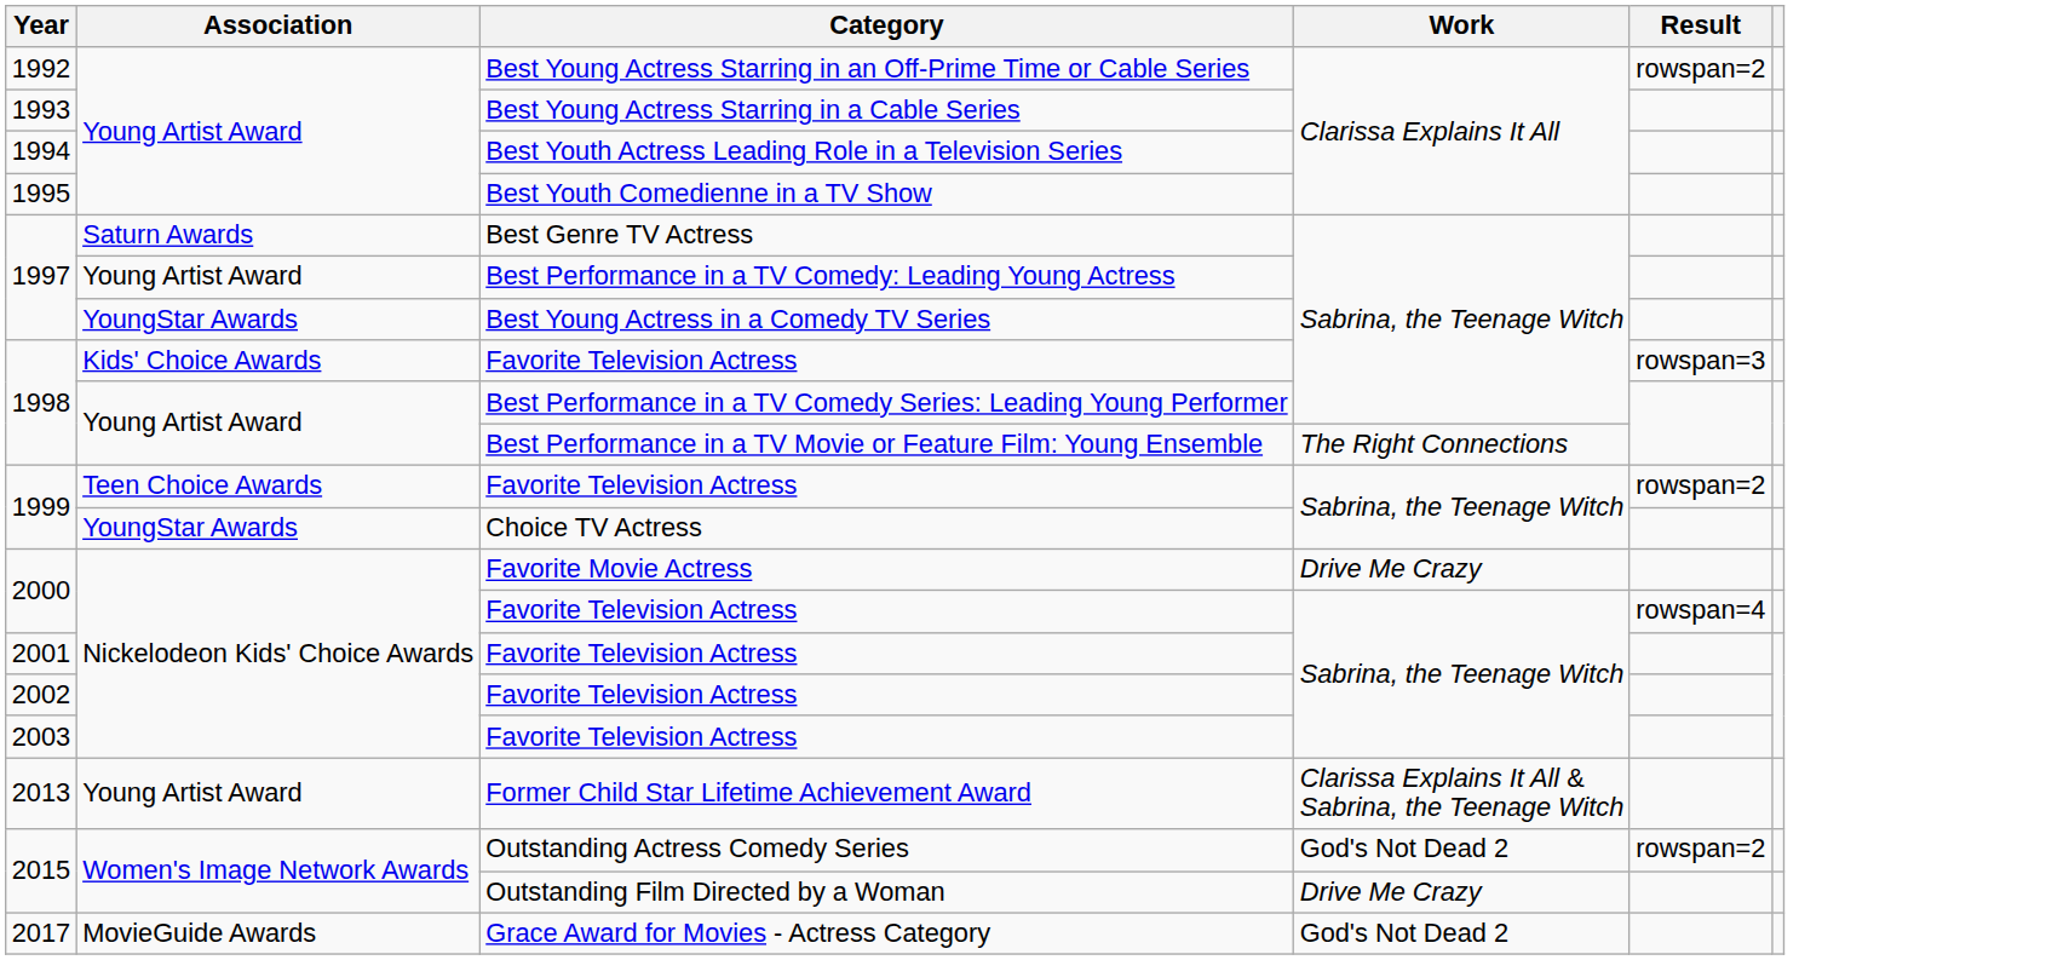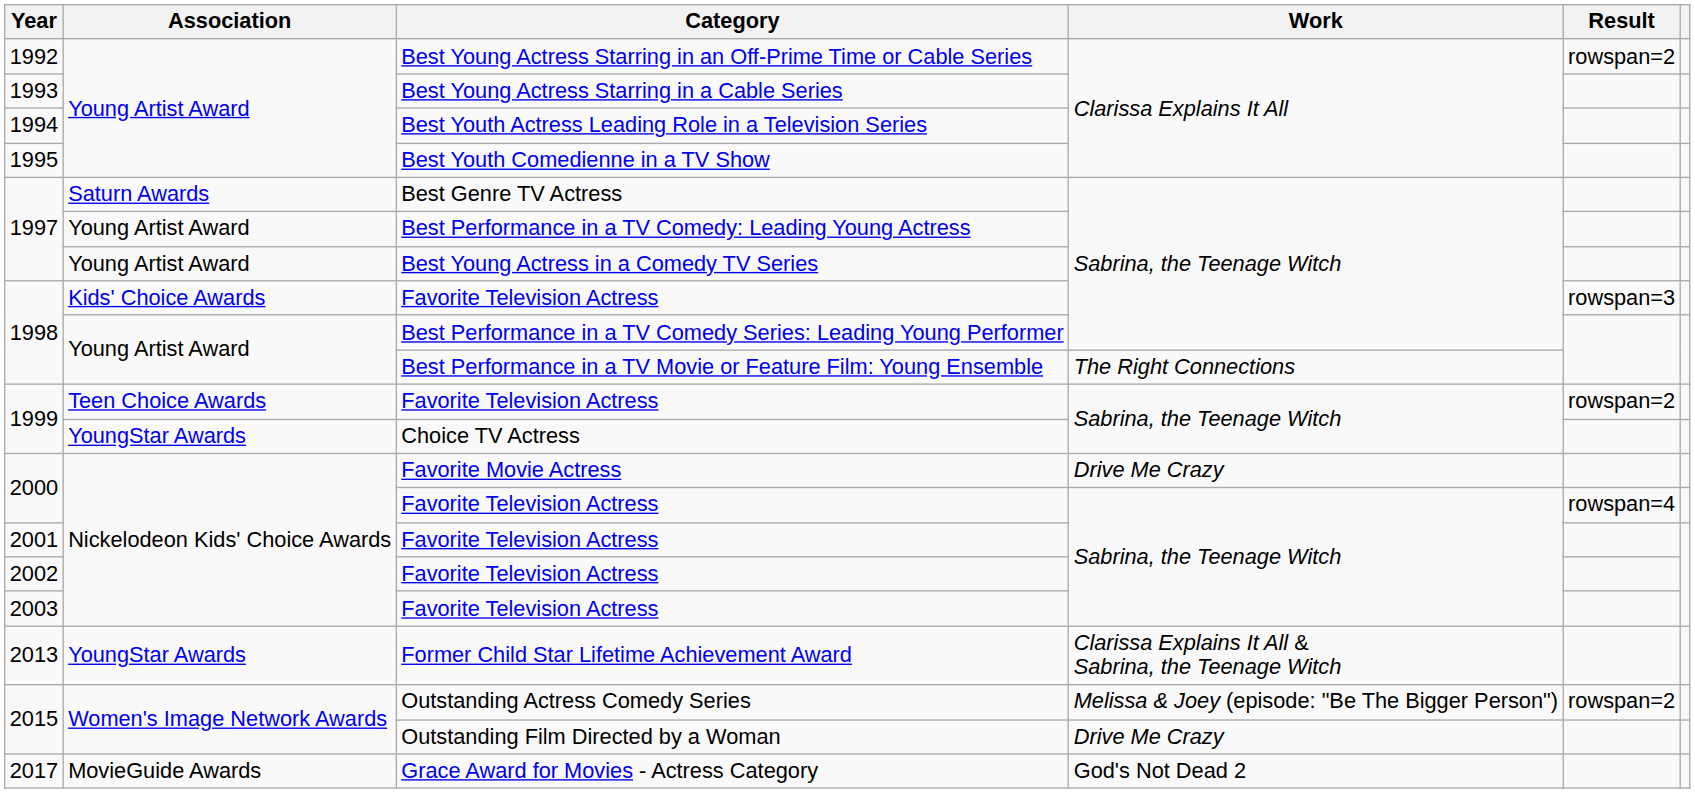 <table class="wikitable">
 <tr>
 <th>Year</th>
 <th>Association</th>
 <th>Category</th>
 <th>Work</th>
 <th>Result</th>
 <th></th>
 </tr>
 <tr>
 <td>1992</td>
 <td rowspan=4><a href='#'>Young Artist Award</a></td>
 <td><a href='#'>Best Young Actress Starring in an Off-Prime Time or Cable Series</a></td>
 <td rowspan=4><em>Clarissa Explains It All</em></td>
 <td>rowspan=2 </td>
 <td></td>
 </tr>
 <tr>
 <td>1993</td>
 <td><a href='#'>Best Young Actress Starring in a Cable Series</a></td>
 <td></td>
 </tr>
 <tr>
 <td>1994</td>
 <td><a href='#'>Best Youth Actress Leading Role in a Television Series</a></td>
 <td></td>
 <td></td>
 </tr>
 <tr>
 <td>1995</td>
 <td><a href='#'>Best Youth Comedienne in a TV Show</a></td>
 <td></td>
 <td></td>
 </tr>
 <tr>
 <td rowspan=3>1997</td>
 <td><a href='#'>Saturn Awards</a></td>
 <td>Best Genre TV Actress</td>
 <td rowspan=5><em>Sabrina, the Teenage Witch</em></td>
 <td></td>
 <td></td>
 </tr>
 <tr>
 <td>Young Artist Award</td>
 <td><a href='#'>Best Performance in a TV Comedy: Leading Young Actress</a></td>
 <td></td>
 <td></td>
 </tr>
 <tr>
-<td><a href='#'>YoungStar Awards</a></td>
+<td>Young Artist Award</td>
 <td><a href='#'>Best Young Actress in a Comedy TV Series</a></td>
 <td></td>
 <td></td>
 </tr>
 <tr>
 <td rowspan=3>1998</td>
 <td><a href='#'>Kids' Choice Awards</a></td>
 <td><a href='#'>Favorite Television Actress</a></td>
 <td>rowspan=3 </td>
 <td></td>
 </tr>
 <tr>
 <td rowspan=2>Young Artist Award</td>
 <td><a href='#'>Best Performance in a TV Comedy Series: Leading Young Performer</a></td>
 <td rowspan=2></td>
 </tr>
 <tr>
 <td><a href='#'>Best Performance in a TV Movie or Feature Film: Young Ensemble</a></td>
 <td><em>The Right Connections</em></td>
 </tr>
 <tr>
 <td rowspan=2>1999</td>
 <td><a href='#'>Teen Choice Awards</a></td>
 <td><a href='#'>Favorite Television Actress</a></td>
 <td rowspan=2><em>Sabrina, the Teenage Witch</em></td>
 <td>rowspan=2 </td>
 <td></td>
 </tr>
 <tr>
 <td><a href='#'>YoungStar Awards</a></td>
 <td>Choice TV Actress</td>
 <td></td>
 </tr>
 <tr>
 <td rowspan=2>2000</td>
 <td rowspan=5>Nickelodeon Kids' Choice Awards</td>
 <td><a href='#'>Favorite Movie Actress</a></td>
 <td><em>Drive Me Crazy</em></td>
 <td></td>
 <td></td>
 </tr>
 <tr>
 <td><a href='#'>Favorite Television Actress</a></td>
 <td rowspan=4><em>Sabrina, the Teenage Witch</em></td>
 <td>rowspan=4 </td>
 <td></td>
 </tr>
 <tr>
 <td>2001</td>
 <td><a href='#'>Favorite Television Actress</a></td>
 <td></td>
 </tr>
 <tr>
 <td>2002</td>
 <td><a href='#'>Favorite Television Actress</a></td>
 <td></td>
 </tr>
 <tr>
 <td>2003</td>
 <td><a href='#'>Favorite Television Actress</a></td>
 <td></td>
 </tr>
 <tr>
 <td>2013</td>
-<td>Young Artist Award</td>
+<td><a href='#'>YoungStar Awards</a></td>
 <td><a href='#'>Former Child Star Lifetime Achievement Award</a></td>
 <td><em>Clarissa Explains It All</em> & <br><em>Sabrina, the Teenage Witch</em></td>
 <td></td>
 <td></td>
 </tr>
 <tr>
 <td rowspan=2>2015</td>
 <td rowspan=2><a href='#'>Women's Image Network Awards</a></td>
 <td>Outstanding Actress Comedy Series</td>
-<td>God's Not Dead 2</td>
+<td><em>Melissa & Joey</em> (episode: "Be The Bigger Person")</td>
 <td>rowspan=2 </td>
 <td></td>
 </tr>
 <tr>
 <td>Outstanding Film Directed by a Woman</td>
 <td><em>Drive Me Crazy</em></td>
 <td></td>
 </tr>
 <tr>
 <td>2017</td>
 <td>MovieGuide Awards</td>
 <td><a href='#'>Grace Award for Movies</a> - Actress Category</td>
 <td>God's Not Dead 2</td>
 <td></td>
 <td></td>
 </tr>
 </table>
